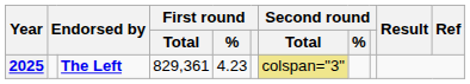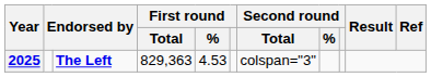 <table class="wikitable" style="font-size: 90%;">
 <tr>
 <th rowspan="2">Year</th>
 <th rowspan="2" colspan="2">Endorsed by</th>
 <th colspan="3">First round</th>
 <th colspan="3">Second round</th>
 <th rowspan="2">Result</th>
 <th rowspan="2">Ref</th>
 </tr>
 <tr>
 <th>Total</th>
 <th>%</th>
 <th></th>
 <th>Total</th>
 <th>%</th>
 <th></th>
 </tr>
 <tr>
 <th><a href='#'>2025</a></th>
 <td></td>
 <td><strong><a href='#'>The Left</a></strong></td>
-<td style="text-align: right;">829,361</td>
-<td style="text-align: right;">4.23</td>
+<td style="text-align: right;">829,363</td>
+<td style="text-align: right;">4.53</td>
 <td></td>
-<td style="background: khaki;">colspan="3" </td>
+<td>colspan="3" </td>
 <td></td>
 <td></td>
 </tr>
 </table>
